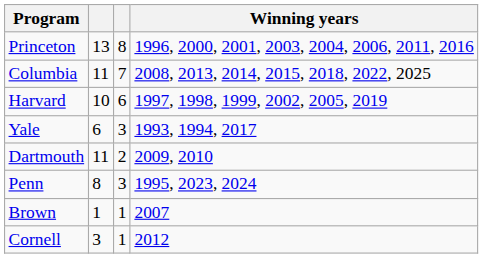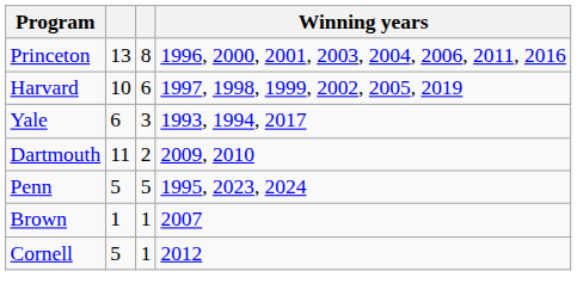 <table class="wikitable sortable">
 <tr>
 <th width=px>Program</th>
 <th width=px></th>
 <th width=px></th>
 <th width=px>Winning years</th>
 </tr>
 <tr>
 <td><a href='#'>Princeton</a></td>
 <td>13</td>
 <td>8</td>
 <td><a href='#'>1996</a>, <a href='#'>2000</a>, <a href='#'>2001</a>, <a href='#'>2003</a>, <a href='#'>2004</a>, <a href='#'>2006</a>, <a href='#'>2011</a>, <a href='#'>2016</a></td>
-</tr>
-<tr>
-<td><a href='#'>Columbia</a></td>
-<td>11</td>
-<td>7</td>
-<td><a href='#'>2008</a>, <a href='#'>2013</a>, <a href='#'>2014</a>, <a href='#'>2015</a>, <a href='#'>2018</a>, <a href='#'>2022</a>, 2025</td>
 </tr>
 <tr>
 <td><a href='#'>Harvard</a></td>
 <td>10</td>
 <td>6</td>
 <td><a href='#'>1997</a>, <a href='#'>1998</a>, <a href='#'>1999</a>, <a href='#'>2002</a>, <a href='#'>2005</a>, <a href='#'>2019</a></td>
 </tr>
 <tr>
 <td><a href='#'>Yale</a></td>
 <td>6</td>
 <td>3</td>
 <td><a href='#'>1993</a>, <a href='#'>1994</a>, <a href='#'>2017</a></td>
 </tr>
 <tr>
 <td><a href='#'>Dartmouth</a></td>
 <td>11</td>
 <td>2</td>
 <td><a href='#'>2009</a>, <a href='#'>2010</a></td>
 </tr>
 <tr>
 <td><a href='#'>Penn</a></td>
-<td>8</td>
-<td>3</td>
+<td>5</td>
+<td>5</td>
 <td><a href='#'>1995</a>, <a href='#'>2023</a>,  <a href='#'>2024</a></td>
 </tr>
 <tr>
 <td><a href='#'>Brown</a></td>
 <td>1</td>
 <td>1</td>
 <td><a href='#'>2007</a></td>
 </tr>
 <tr>
 <td><a href='#'>Cornell</a></td>
-<td>3</td>
+<td>5</td>
 <td>1</td>
 <td><a href='#'>2012</a></td>
 </tr>
 </table>
